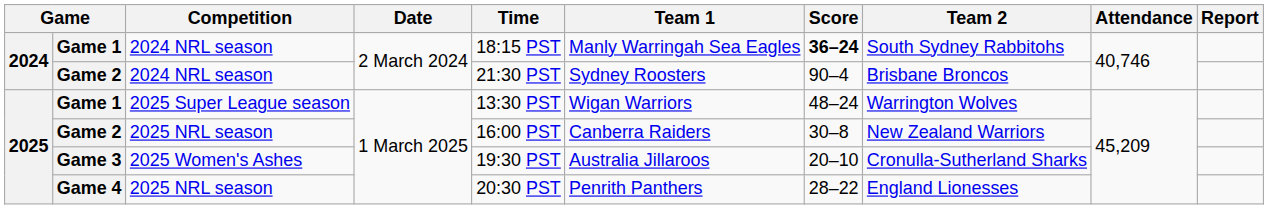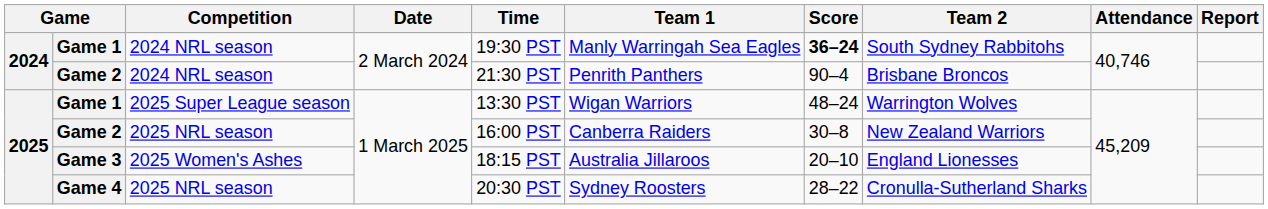 <table class="wikitable">
 <tr>
 <th colspan="2">Game</th>
 <th>Competition</th>
 <th>Date</th>
 <th>Time</th>
 <th>Team 1</th>
 <th>Score</th>
 <th>Team 2</th>
 <th>Attendance</th>
 <th>Report</th>
 </tr>
 <tr>
 <th rowspan="2">2024</th>
 <th>Game 1</th>
 <td><a href='#'>2024 NRL season</a></td>
 <td rowspan="2">2 March 2024</td>
-<td>18:15 <a href='#'>PST</a></td>
+<td>19:30 <a href='#'>PST</a></td>
 <td> <a href='#'>Manly Warringah Sea Eagles</a></td>
 <td><strong>36–24</strong></td>
 <td> <a href='#'>South Sydney Rabbitohs</a></td>
 <td rowspan="2">40,746</td>
 <td></td>
 </tr>
 <tr>
 <th>Game 2</th>
 <td><a href='#'>2024 NRL season</a></td>
 <td>21:30 <a href='#'>PST</a></td>
-<td> <a href='#'>Sydney Roosters</a></td>
+<td> <a href='#'>Penrith Panthers</a></td>
 <td>90–4</td>
 <td> <a href='#'>Brisbane Broncos</a></td>
 <td></td>
 </tr>
 <tr>
 <th rowspan="4">2025</th>
 <th>Game 1</th>
 <td><a href='#'>2025 Super League season</a></td>
 <td rowspan="4">1 March 2025</td>
 <td>13:30 <a href='#'>PST</a></td>
 <td> <a href='#'>Wigan Warriors</a></td>
 <td>48–24</td>
 <td> <a href='#'>Warrington Wolves</a></td>
 <td rowspan="4">45,209</td>
 <td><br></td>
 </tr>
 <tr>
 <th>Game 2</th>
 <td><a href='#'>2025 NRL season</a></td>
 <td>16:00 <a href='#'>PST</a></td>
 <td> <a href='#'>Canberra Raiders</a></td>
 <td>30–8</td>
 <td> <a href='#'>New Zealand Warriors</a></td>
 <td></td>
 </tr>
 <tr>
 <th>Game 3</th>
 <td><a href='#'>2025 Women's Ashes</a></td>
-<td>19:30 <a href='#'>PST</a></td>
+<td>18:15 <a href='#'>PST</a></td>
 <td> <a href='#'>Australia Jillaroos</a></td>
 <td>20–10</td>
-<td> <a href='#'>Cronulla-Sutherland Sharks</a></td>
+<td> <a href='#'>England Lionesses</a></td>
 <td><br></td>
 </tr>
 <tr>
 <th>Game 4</th>
 <td><a href='#'>2025 NRL season</a></td>
 <td>20:30 <a href='#'>PST</a></td>
-<td> <a href='#'>Penrith Panthers</a></td>
+<td> <a href='#'>Sydney Roosters</a></td>
 <td>28–22</td>
-<td> <a href='#'>England Lionesses</a></td>
+<td> <a href='#'>Cronulla-Sutherland Sharks</a></td>
 <td></td>
 </tr>
 </table>
